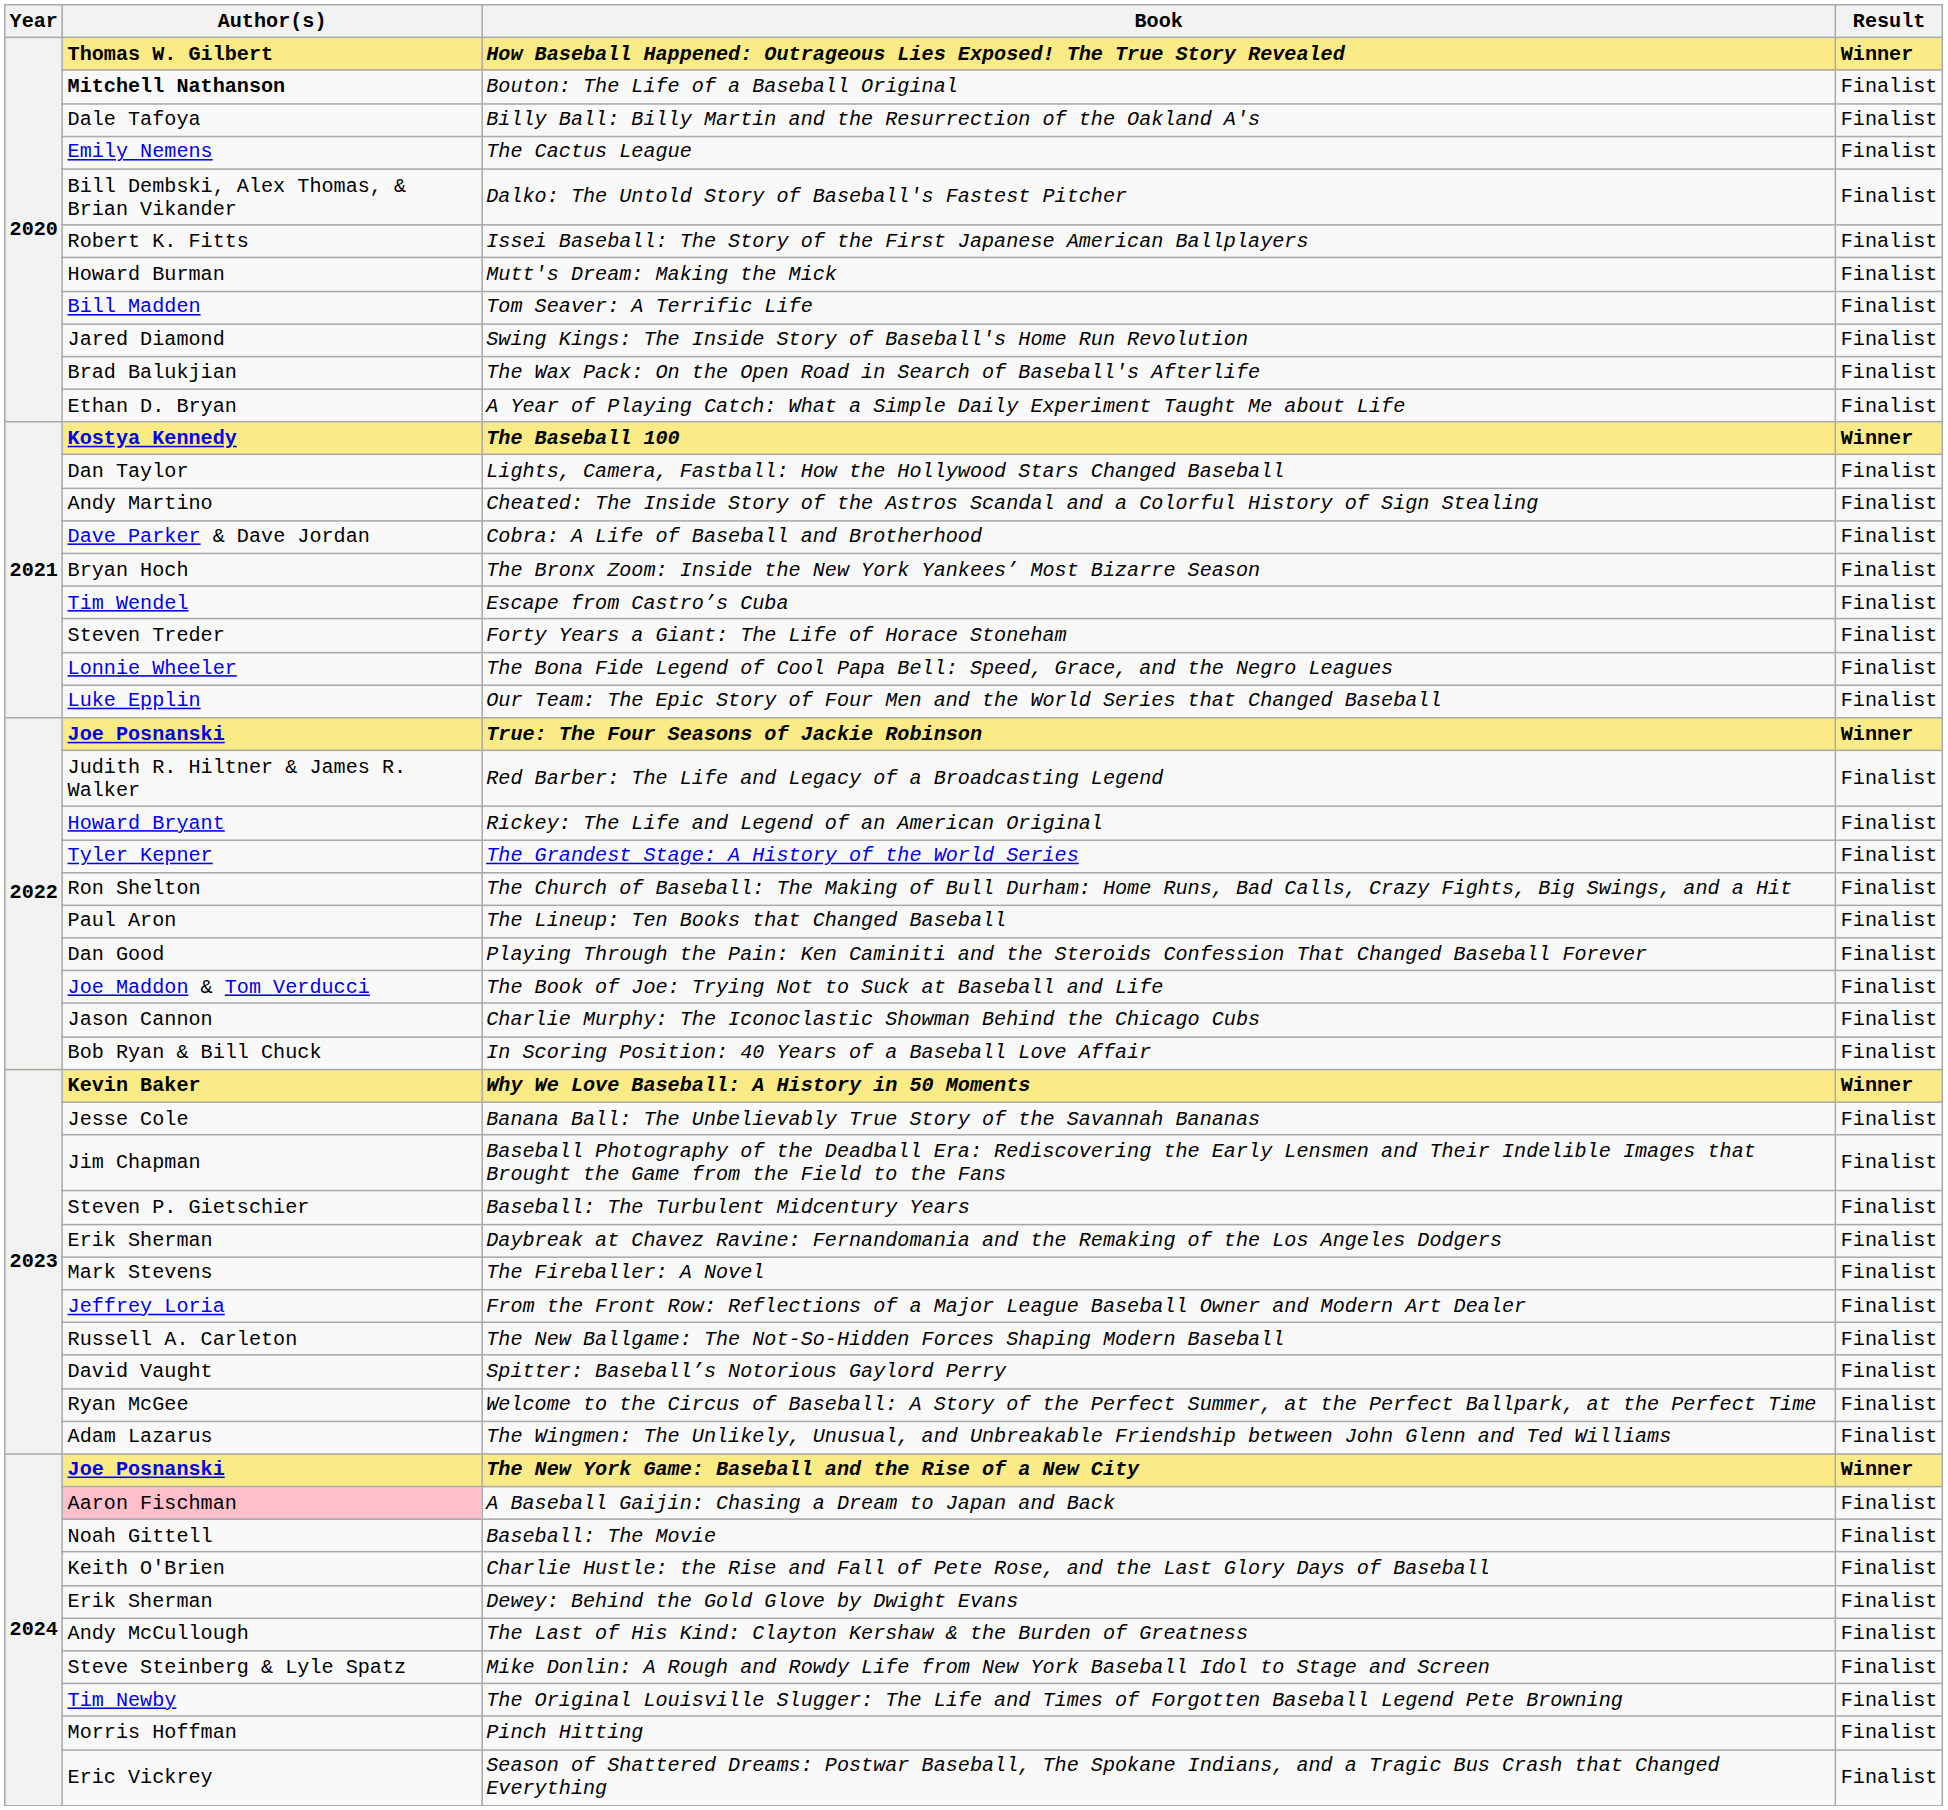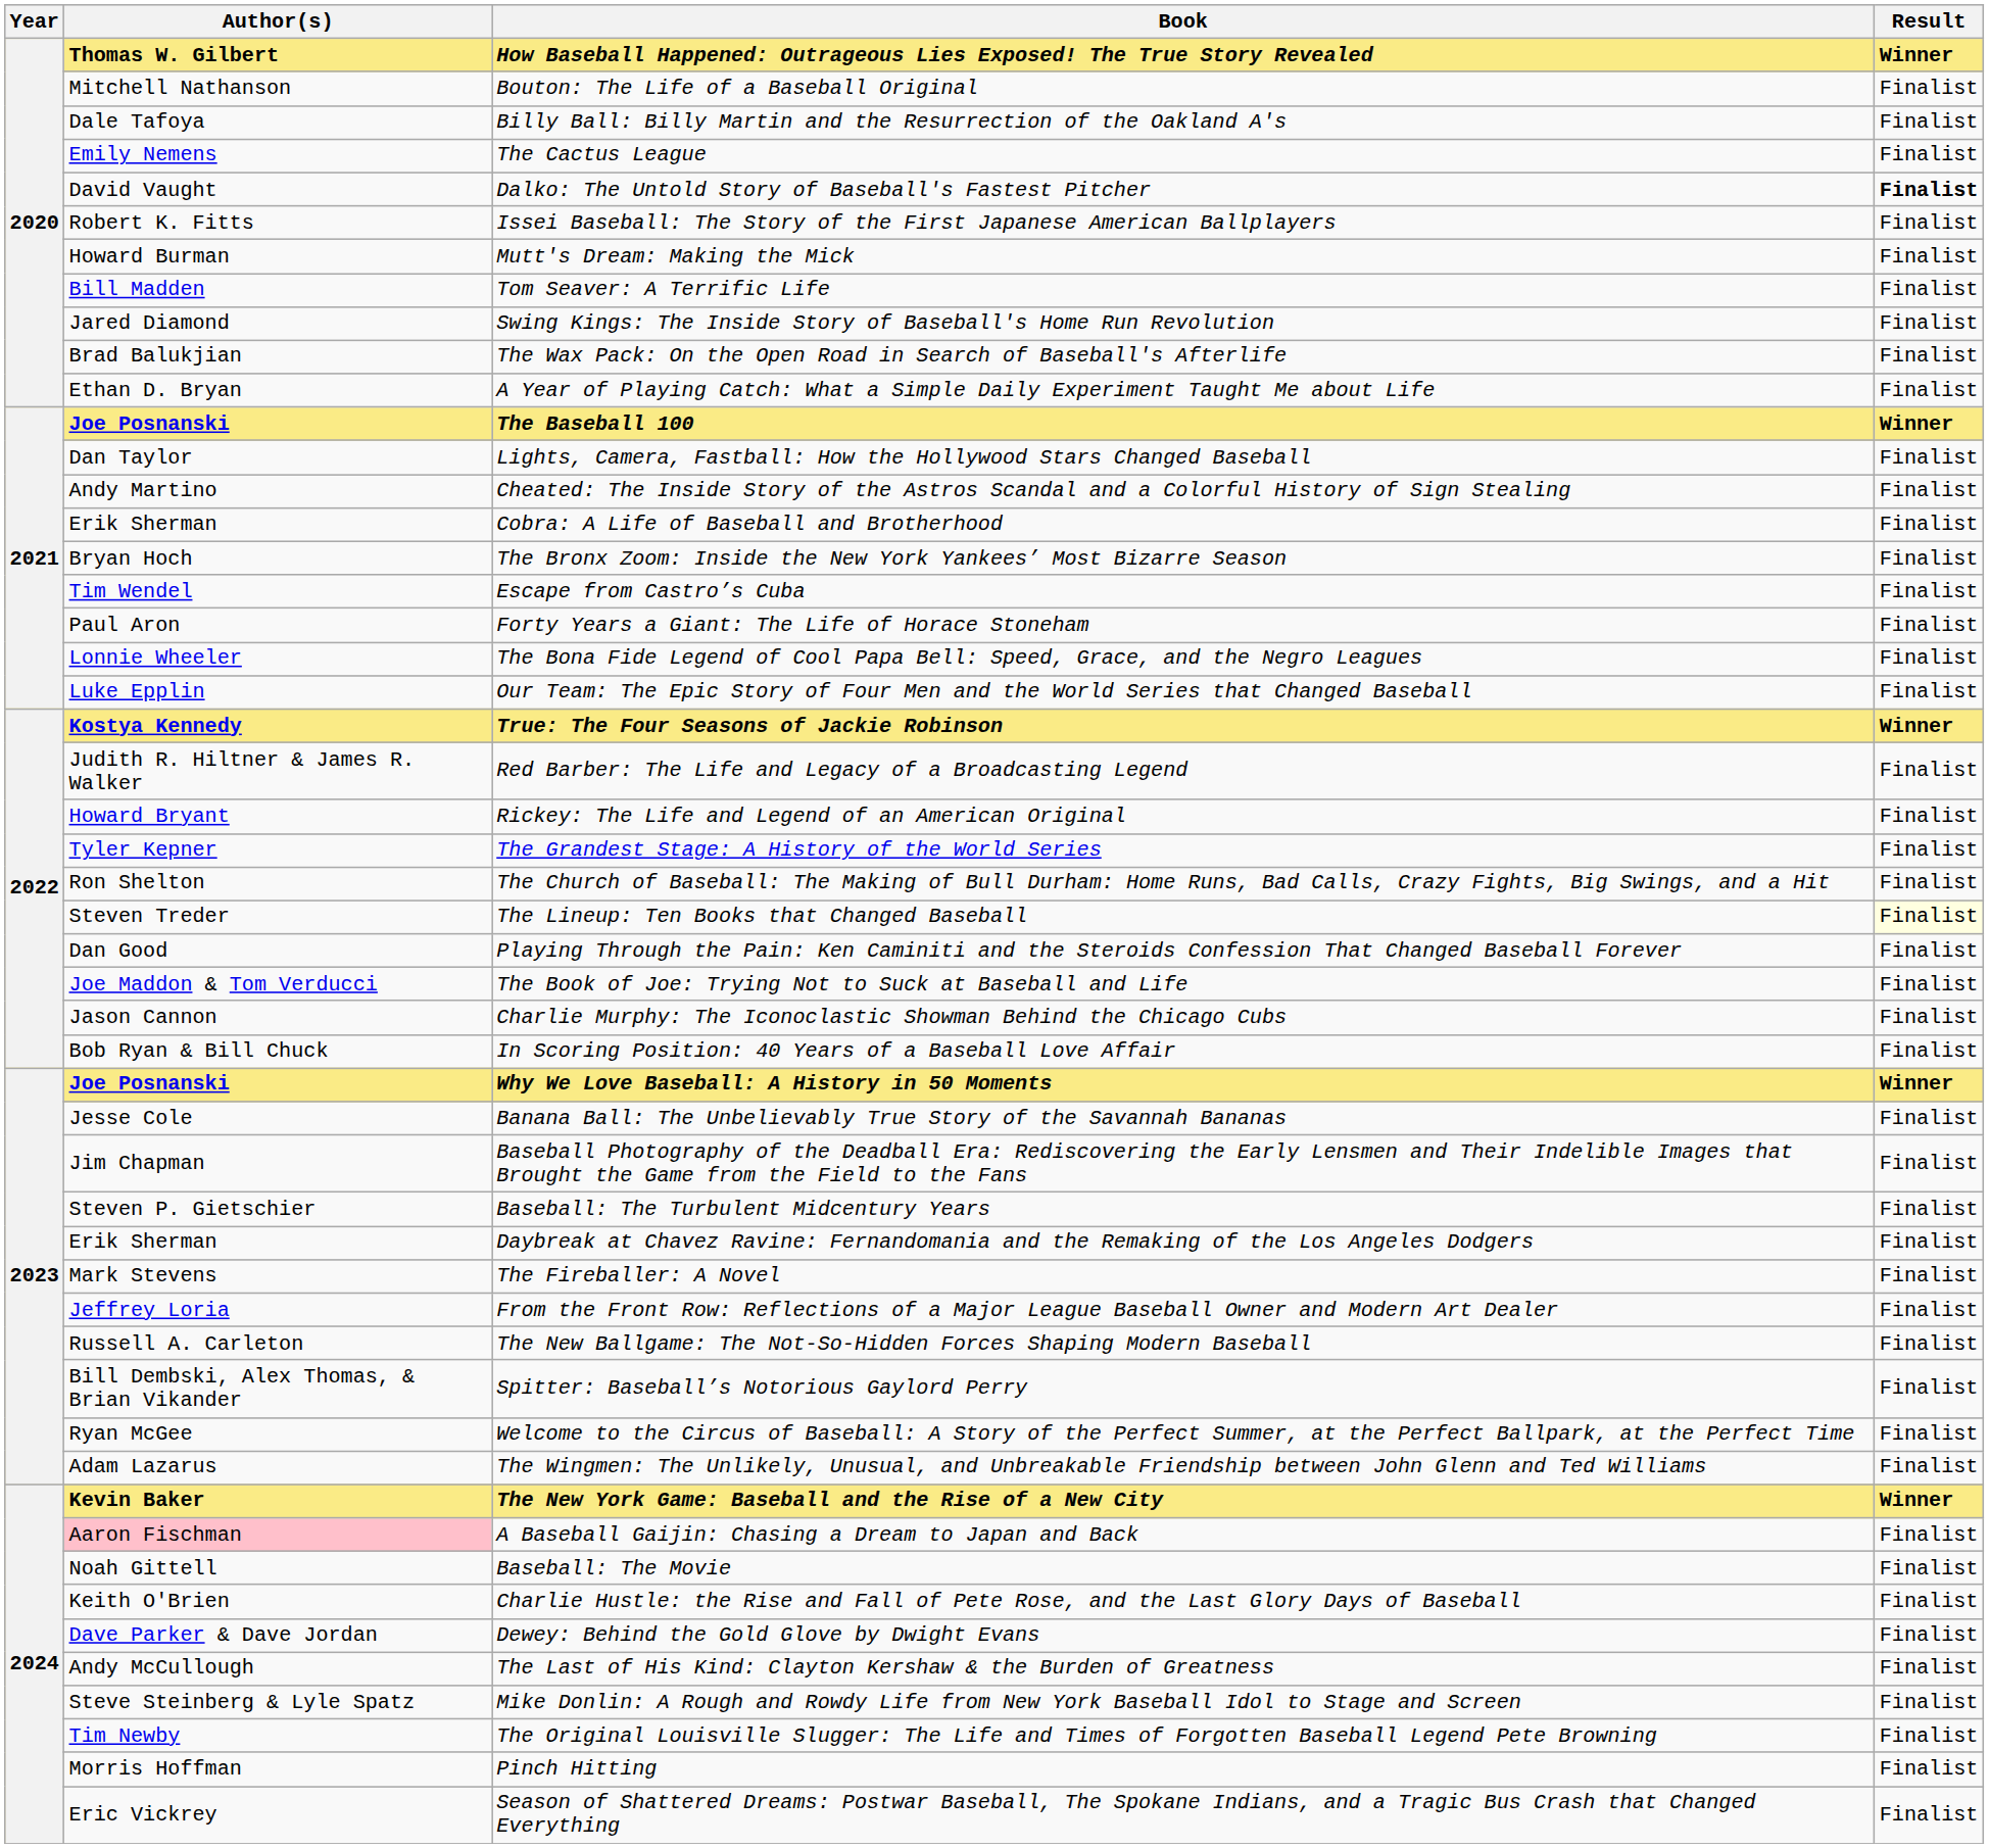 <table class="wikitable">
 <tr>
 <th scope="col">Year</th>
 <th scope="col">Author(s)</th>
 <th scope="col">Book</th>
 <th scope="col">Result</th>
 </tr>
 <tr style="background:#FAEB86;">
 <th rowspan="11"><strong>2020</strong></th>
 <td><strong>Thomas W. Gilbert</strong></td>
 <td><strong><em>How Baseball Happened: Outrageous Lies Exposed! The True Story Revealed</em></strong></td>
 <td><strong>Winner</strong></td>
 </tr>
 <tr>
-<td><strong>Mitchell Nathanson</strong></td>
+<td>Mitchell Nathanson</td>
 <td><em>Bouton: The Life of a Baseball Original</em></td>
 <td>Finalist</td>
 </tr>
 <tr>
 <td>Dale Tafoya</td>
 <td><em>Billy Ball: Billy Martin and the Resurrection of the Oakland A's</em></td>
 <td>Finalist</td>
 </tr>
 <tr>
 <td><a href='#'>Emily Nemens</a></td>
 <td><em>The Cactus League</em></td>
 <td>Finalist</td>
 </tr>
 <tr>
-<td>Bill Dembski, Alex Thomas, & Brian Vikander</td>
+<td>David Vaught</td>
 <td><em>Dalko: The Untold Story of Baseball's Fastest Pitcher</em></td>
-<td>Finalist</td>
+<td><strong>Finalist</strong></td>
 </tr>
 <tr>
 <td>Robert K. Fitts</td>
 <td><em>Issei Baseball: The Story of the First Japanese American Ballplayers</em></td>
 <td>Finalist</td>
 </tr>
 <tr>
 <td>Howard Burman</td>
 <td><em>Mutt's Dream: Making the Mick</em></td>
 <td>Finalist</td>
 </tr>
 <tr>
 <td><a href='#'>Bill Madden</a></td>
 <td><em>Tom Seaver: A Terrific Life</em></td>
 <td>Finalist</td>
 </tr>
 <tr>
 <td>Jared Diamond</td>
 <td><em>Swing Kings: The Inside Story of Baseball's Home Run Revolution</em></td>
 <td>Finalist</td>
 </tr>
 <tr>
 <td>Brad Balukjian</td>
 <td><em>The Wax Pack: On the Open Road in Search of Baseball's Afterlife</em></td>
 <td>Finalist</td>
 </tr>
 <tr>
 <td>Ethan D. Bryan</td>
 <td><em>A Year of Playing Catch: What a Simple Daily Experiment Taught Me about Life</em></td>
 <td>Finalist</td>
 </tr>
 <tr style="background:#FAEB86;">
 <th rowspan="9"><strong>2021</strong></th>
-<td><strong><a href='#'>Kostya Kennedy</a></strong></td>
+<td><strong><a href='#'>Joe Posnanski</a></strong></td>
 <td><strong><em>The Baseball 100</em></strong></td>
 <td><strong>Winner</strong></td>
 </tr>
 <tr>
 <td>Dan Taylor</td>
 <td><em>Lights, Camera, Fastball: How the Hollywood Stars Changed Baseball</em></td>
 <td>Finalist</td>
 </tr>
 <tr>
 <td>Andy Martino</td>
 <td><em>Cheated: The Inside Story of the Astros Scandal and a Colorful History of Sign Stealing</em></td>
 <td>Finalist</td>
 </tr>
 <tr>
-<td><a href='#'>Dave Parker</a> & Dave Jordan</td>
+<td>Erik Sherman</td>
 <td><em>Cobra: A Life of Baseball and Brotherhood</em></td>
 <td>Finalist</td>
 </tr>
 <tr>
 <td>Bryan Hoch</td>
 <td><em>The Bronx Zoom: Inside the New York Yankees’ Most Bizarre Season</em></td>
 <td>Finalist</td>
 </tr>
 <tr>
 <td><a href='#'>Tim Wendel</a></td>
 <td><em>Escape from Castro’s Cuba</em></td>
 <td>Finalist</td>
 </tr>
 <tr>
-<td>Steven Treder</td>
+<td>Paul Aron</td>
 <td><em>Forty Years a Giant: The Life of Horace Stoneham</em></td>
 <td>Finalist</td>
 </tr>
 <tr>
 <td><a href='#'>Lonnie Wheeler</a></td>
 <td><em>The Bona Fide Legend of Cool Papa Bell: Speed, Grace, and the Negro Leagues</em></td>
 <td>Finalist</td>
 </tr>
 <tr>
 <td><a href='#'>Luke Epplin</a></td>
 <td><em>Our Team: The Epic Story of Four Men and the World Series that Changed Baseball</em></td>
 <td>Finalist</td>
 </tr>
 <tr style="background:#FAEB86;">
 <th rowspan="10"><strong>2022</strong></th>
-<td><strong><a href='#'>Joe Posnanski</a></strong></td>
+<td><strong><a href='#'>Kostya Kennedy</a></strong></td>
 <td><strong><em>True: The Four Seasons of Jackie Robinson</em></strong></td>
 <td><strong>Winner</strong></td>
 </tr>
 <tr>
 <td>Judith R. Hiltner & James R. Walker</td>
 <td><em>Red Barber: The Life and Legacy of a Broadcasting Legend</em></td>
 <td>Finalist</td>
 </tr>
 <tr>
 <td><a href='#'>Howard Bryant</a></td>
 <td><em>Rickey: The Life and Legend of an American Original</em></td>
 <td>Finalist</td>
 </tr>
 <tr>
 <td><a href='#'>Tyler Kepner</a></td>
 <td><a href='#'><em>The Grandest Stage: A History of the World Series</em></a></td>
 <td>Finalist</td>
 </tr>
 <tr>
 <td>Ron Shelton</td>
 <td><em>The Church of Baseball: The Making of Bull Durham: Home Runs, Bad Calls, Crazy Fights, Big Swings, and a Hit</em></td>
 <td>Finalist</td>
 </tr>
 <tr>
-<td>Paul Aron</td>
+<td>Steven Treder</td>
 <td><em>The Lineup: Ten Books that Changed Baseball</em></td>
-<td>Finalist</td>
+<td style="background: lightyellow;">Finalist</td>
 </tr>
 <tr>
 <td>Dan Good</td>
 <td><em>Playing Through the Pain: Ken Caminiti and the Steroids Confession That Changed Baseball Forever</em></td>
 <td>Finalist</td>
 </tr>
 <tr>
 <td><a href='#'>Joe Maddon</a> & <a href='#'>Tom Verducci</a></td>
 <td><em>The Book of Joe: Trying Not to Suck at Baseball and Life</em></td>
 <td>Finalist</td>
 </tr>
 <tr>
 <td>Jason Cannon</td>
 <td><em>Charlie Murphy: The Iconoclastic Showman Behind the Chicago Cubs</em></td>
 <td>Finalist</td>
 </tr>
 <tr>
 <td>Bob Ryan & Bill Chuck</td>
 <td><em>In Scoring Position: 40 Years of a Baseball Love Affair</em></td>
 <td>Finalist</td>
 </tr>
 <tr style="background:#FAEB86;">
 <th rowspan="11"><strong>2023</strong></th>
-<td><strong>Kevin Baker</strong></td>
+<td><strong><a href='#'>Joe Posnanski</a></strong></td>
 <td><strong><em>Why We Love Baseball: A History in 50 Moments</em></strong></td>
 <td><strong>Winner</strong></td>
 </tr>
 <tr>
 <td>Jesse Cole</td>
 <td><em>Banana Ball: The Unbelievably True Story of the Savannah Bananas</em></td>
 <td>Finalist</td>
 </tr>
 <tr>
 <td>Jim Chapman</td>
 <td><em>Baseball Photography of the Deadball Era: Rediscovering the Early Lensmen and Their Indelible Images that Brought the Game from the Field to the Fans</em></td>
 <td>Finalist</td>
 </tr>
 <tr>
 <td>Steven P. Gietschier</td>
 <td><em>Baseball: The Turbulent Midcentury Years</em></td>
 <td>Finalist</td>
 </tr>
 <tr>
 <td>Erik Sherman</td>
 <td><em>Daybreak at Chavez Ravine: Fernandomania and the Remaking of the Los Angeles Dodgers</em></td>
 <td>Finalist</td>
 </tr>
 <tr>
 <td>Mark Stevens</td>
 <td><em>The Fireballer: A Novel</em></td>
 <td>Finalist</td>
 </tr>
 <tr>
 <td><a href='#'>Jeffrey Loria</a></td>
 <td><em>From the Front Row: Reflections of a Major League Baseball Owner and Modern Art Dealer</em></td>
 <td>Finalist</td>
 </tr>
 <tr>
 <td>Russell A. Carleton</td>
 <td><em>The New Ballgame: The Not-So-Hidden Forces Shaping Modern Baseball </em></td>
 <td>Finalist</td>
 </tr>
 <tr>
-<td>David Vaught</td>
+<td>Bill Dembski, Alex Thomas, & Brian Vikander</td>
 <td><em>Spitter: Baseball’s Notorious Gaylord Perry</em></td>
 <td>Finalist</td>
 </tr>
 <tr>
 <td>Ryan McGee</td>
 <td><em>Welcome to the Circus of Baseball: A Story of the Perfect Summer, at the Perfect Ballpark, at the Perfect Time</em></td>
 <td>Finalist</td>
 </tr>
 <tr>
 <td>Adam Lazarus</td>
 <td><em>The Wingmen: The Unlikely, Unusual, and Unbreakable Friendship between John Glenn and Ted Williams</em></td>
 <td>Finalist</td>
 </tr>
 <tr style="background:#FAEB86;">
 <th rowspan="10"><strong>2024</strong></th>
-<td><strong><a href='#'>Joe Posnanski</a></strong></td>
+<td><strong>Kevin Baker</strong></td>
 <td><strong><em>The New York Game: Baseball and the Rise of a New City</em></strong></td>
 <td><strong>Winner</strong></td>
 </tr>
 <tr>
 <td style="background: pink;">Aaron Fischman</td>
 <td><em>A Baseball Gaijin: Chasing a Dream to Japan and Back</em></td>
 <td>Finalist</td>
 </tr>
 <tr>
 <td>Noah Gittell</td>
 <td><em>Baseball: The Movie</em></td>
 <td>Finalist</td>
 </tr>
 <tr>
 <td>Keith O'Brien</td>
 <td><em>Charlie Hustle: the Rise and Fall of Pete Rose, and the Last Glory Days of Baseball</em></td>
 <td>Finalist</td>
 </tr>
 <tr>
-<td>Erik Sherman</td>
+<td><a href='#'>Dave Parker</a> & Dave Jordan</td>
 <td><em>Dewey: Behind the Gold Glove by Dwight Evans</em></td>
 <td>Finalist</td>
 </tr>
 <tr>
 <td>Andy McCullough</td>
 <td><em>The Last of His Kind: Clayton Kershaw & the Burden of Greatness</em></td>
 <td>Finalist</td>
 </tr>
 <tr>
 <td>Steve Steinberg & Lyle Spatz</td>
 <td><em>Mike Donlin: A Rough and Rowdy Life from New York Baseball Idol to Stage and Screen</em></td>
 <td>Finalist</td>
 </tr>
 <tr>
 <td><a href='#'>Tim Newby</a></td>
 <td><em>The Original Louisville Slugger: The Life and Times of Forgotten Baseball Legend Pete Browning</em></td>
 <td>Finalist</td>
 </tr>
 <tr>
 <td>Morris Hoffman</td>
 <td><em>Pinch Hitting</em></td>
 <td>Finalist</td>
 </tr>
 <tr>
 <td>Eric Vickrey</td>
 <td><em>Season of Shattered Dreams: Postwar Baseball, The Spokane Indians, and a Tragic Bus Crash that Changed Everything</em></td>
 <td>Finalist</td>
 </tr>
 </table>
